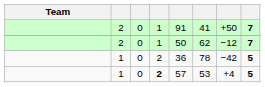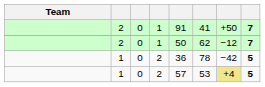 <table class="wikitable" style="text-align:center;">
 <tr>
 <th style="width:10.5em;">Team</th>
 <th style="width:1.5em;"></th>
 <th style="width:1.5em;"></th>
 <th style="width:1.5em;"></th>
 <th style="width:2.0em;"></th>
 <th style="width:2.0em;"></th>
 <th style="width:2.0em;"></th>
 <th style="width:1.5em;"></th>
 </tr>
 <tr bgcolor=#cfc>
 <td align="left"></td>
 <td>2</td>
 <td>0</td>
 <td>1</td>
 <td>91</td>
 <td>41</td>
 <td>+50</td>
 <td><strong>7</strong></td>
 </tr>
 <tr>
 </tr>
 <tr bgcolor=#cfc>
 <td align="left"></td>
 <td>2</td>
 <td>0</td>
 <td>1</td>
 <td>50</td>
 <td>62</td>
 <td>−12</td>
 <td><strong>7</strong></td>
 </tr>
 <tr>
 <td align="left"></td>
 <td>1</td>
 <td>0</td>
 <td>2</td>
 <td>36</td>
 <td>78</td>
 <td>−42</td>
 <td><strong>5</strong></td>
 </tr>
 <tr>
 <td align="left"></td>
 <td>1</td>
 <td>0</td>
-<td><strong>2</strong></td>
+<td>2</td>
 <td>57</td>
 <td>53</td>
-<td>+4</td>
+<td style="background: khaki;">+4</td>
 <td><strong>5</strong></td>
 </tr>
 </table>
